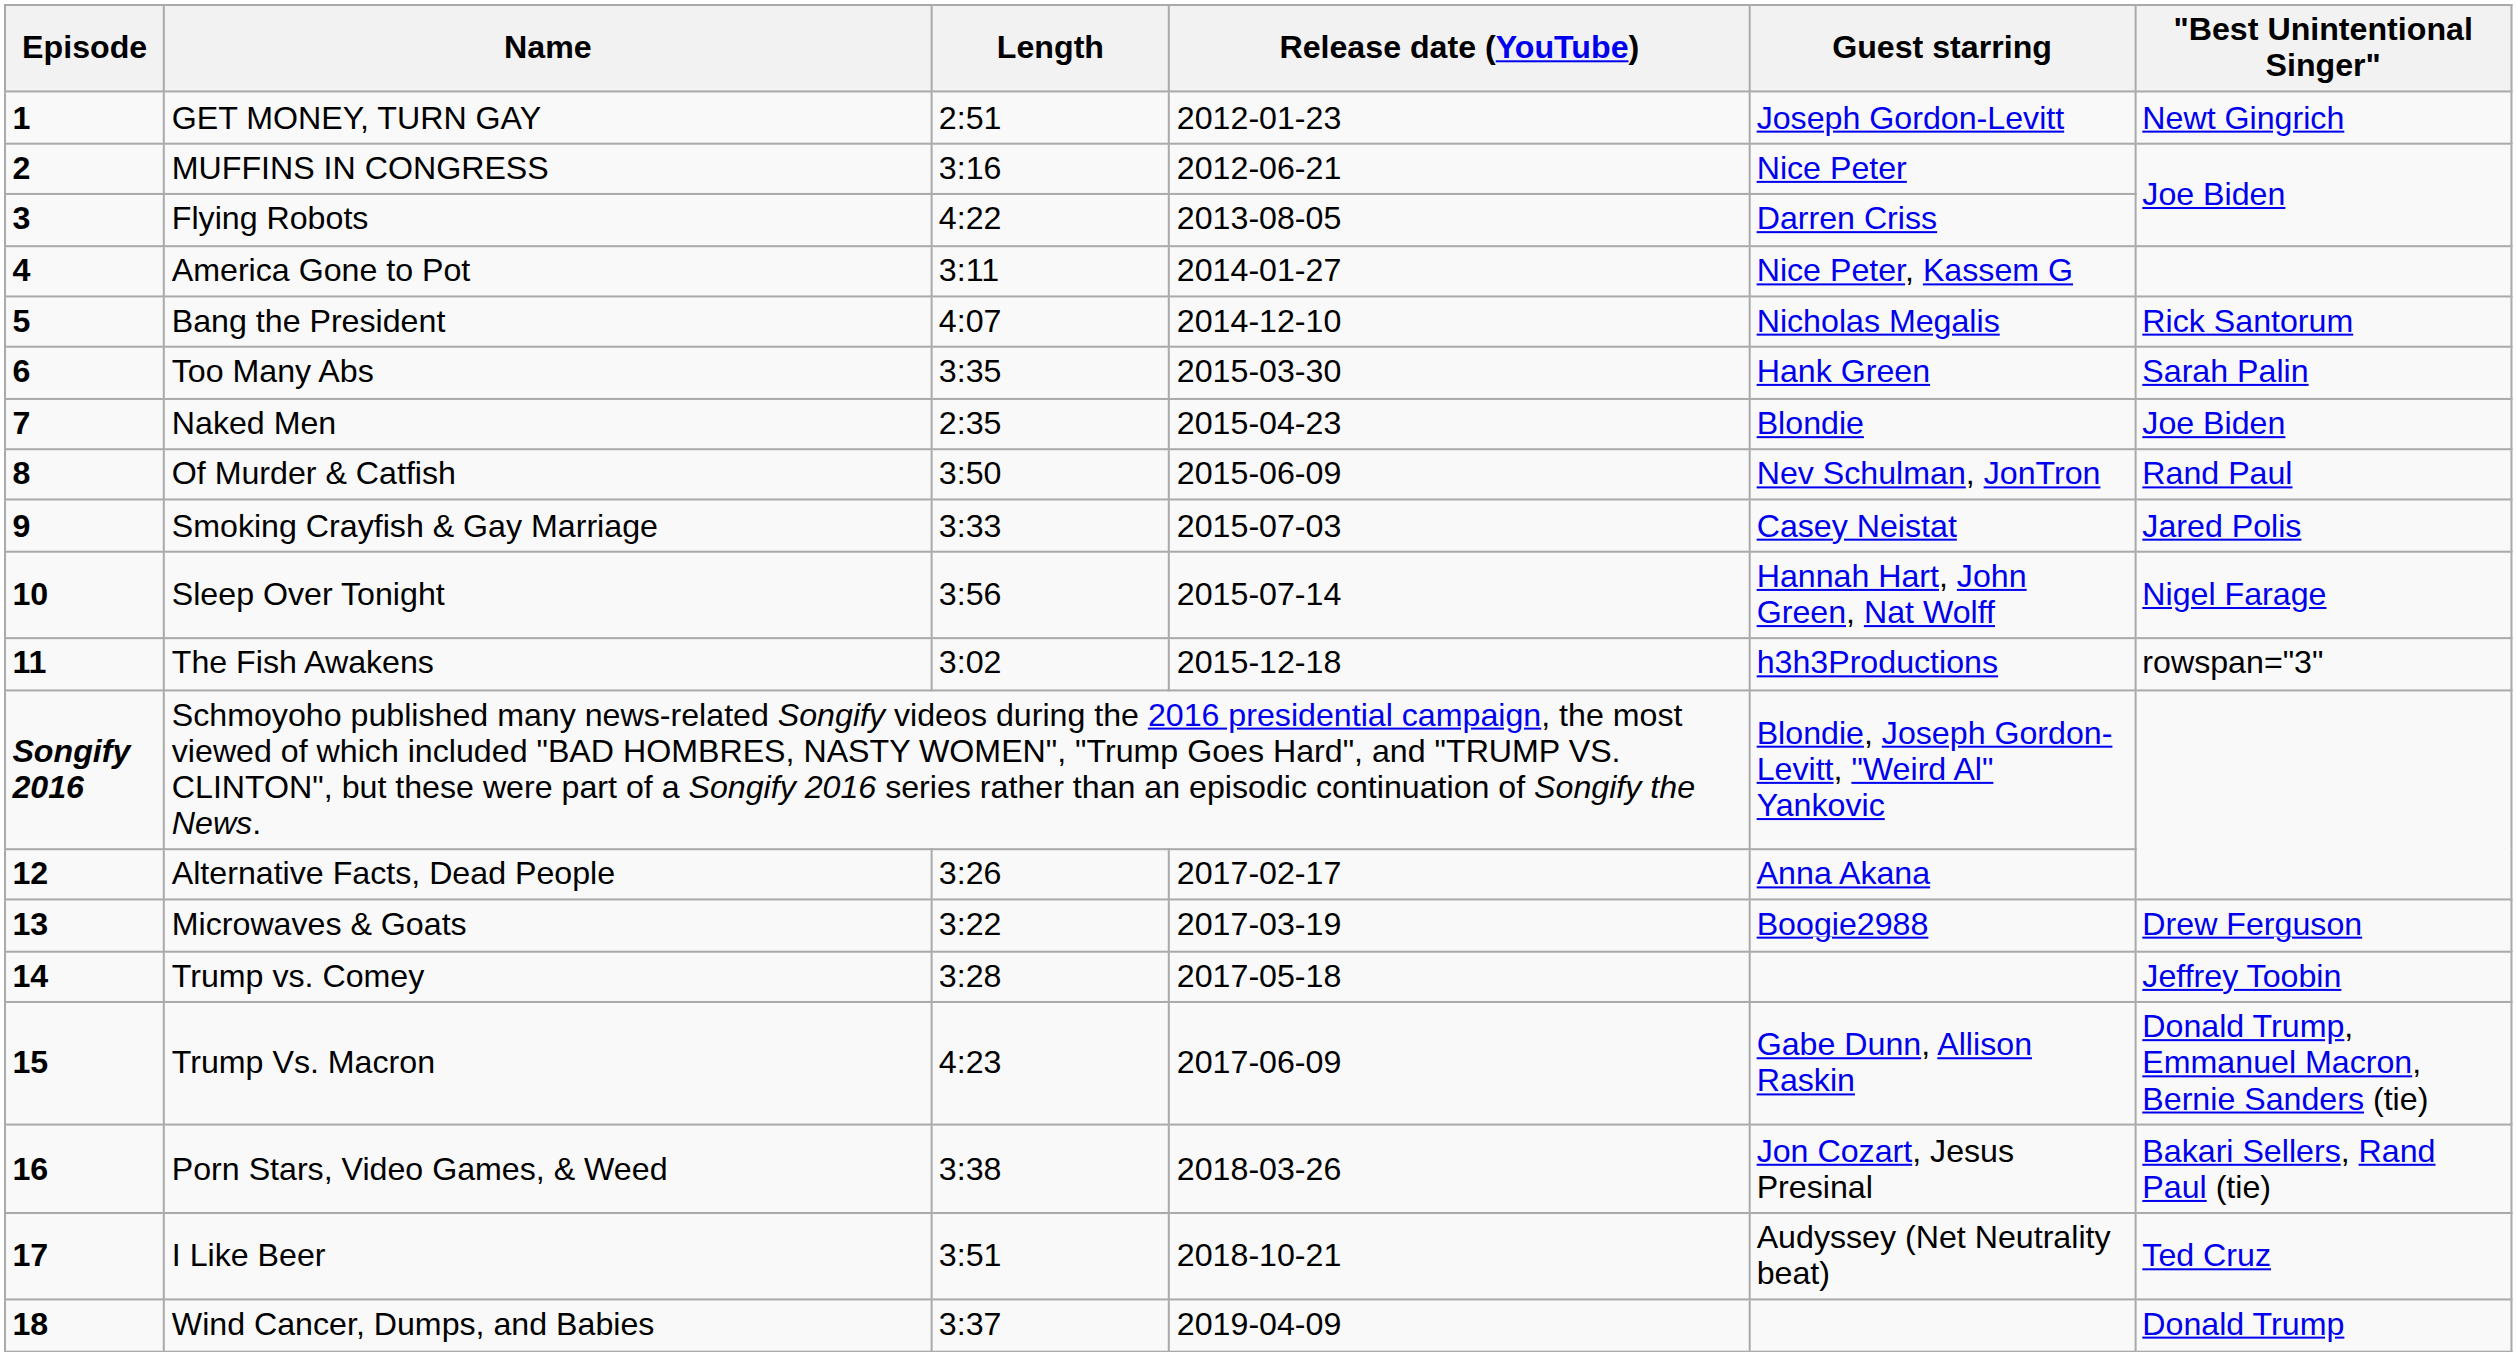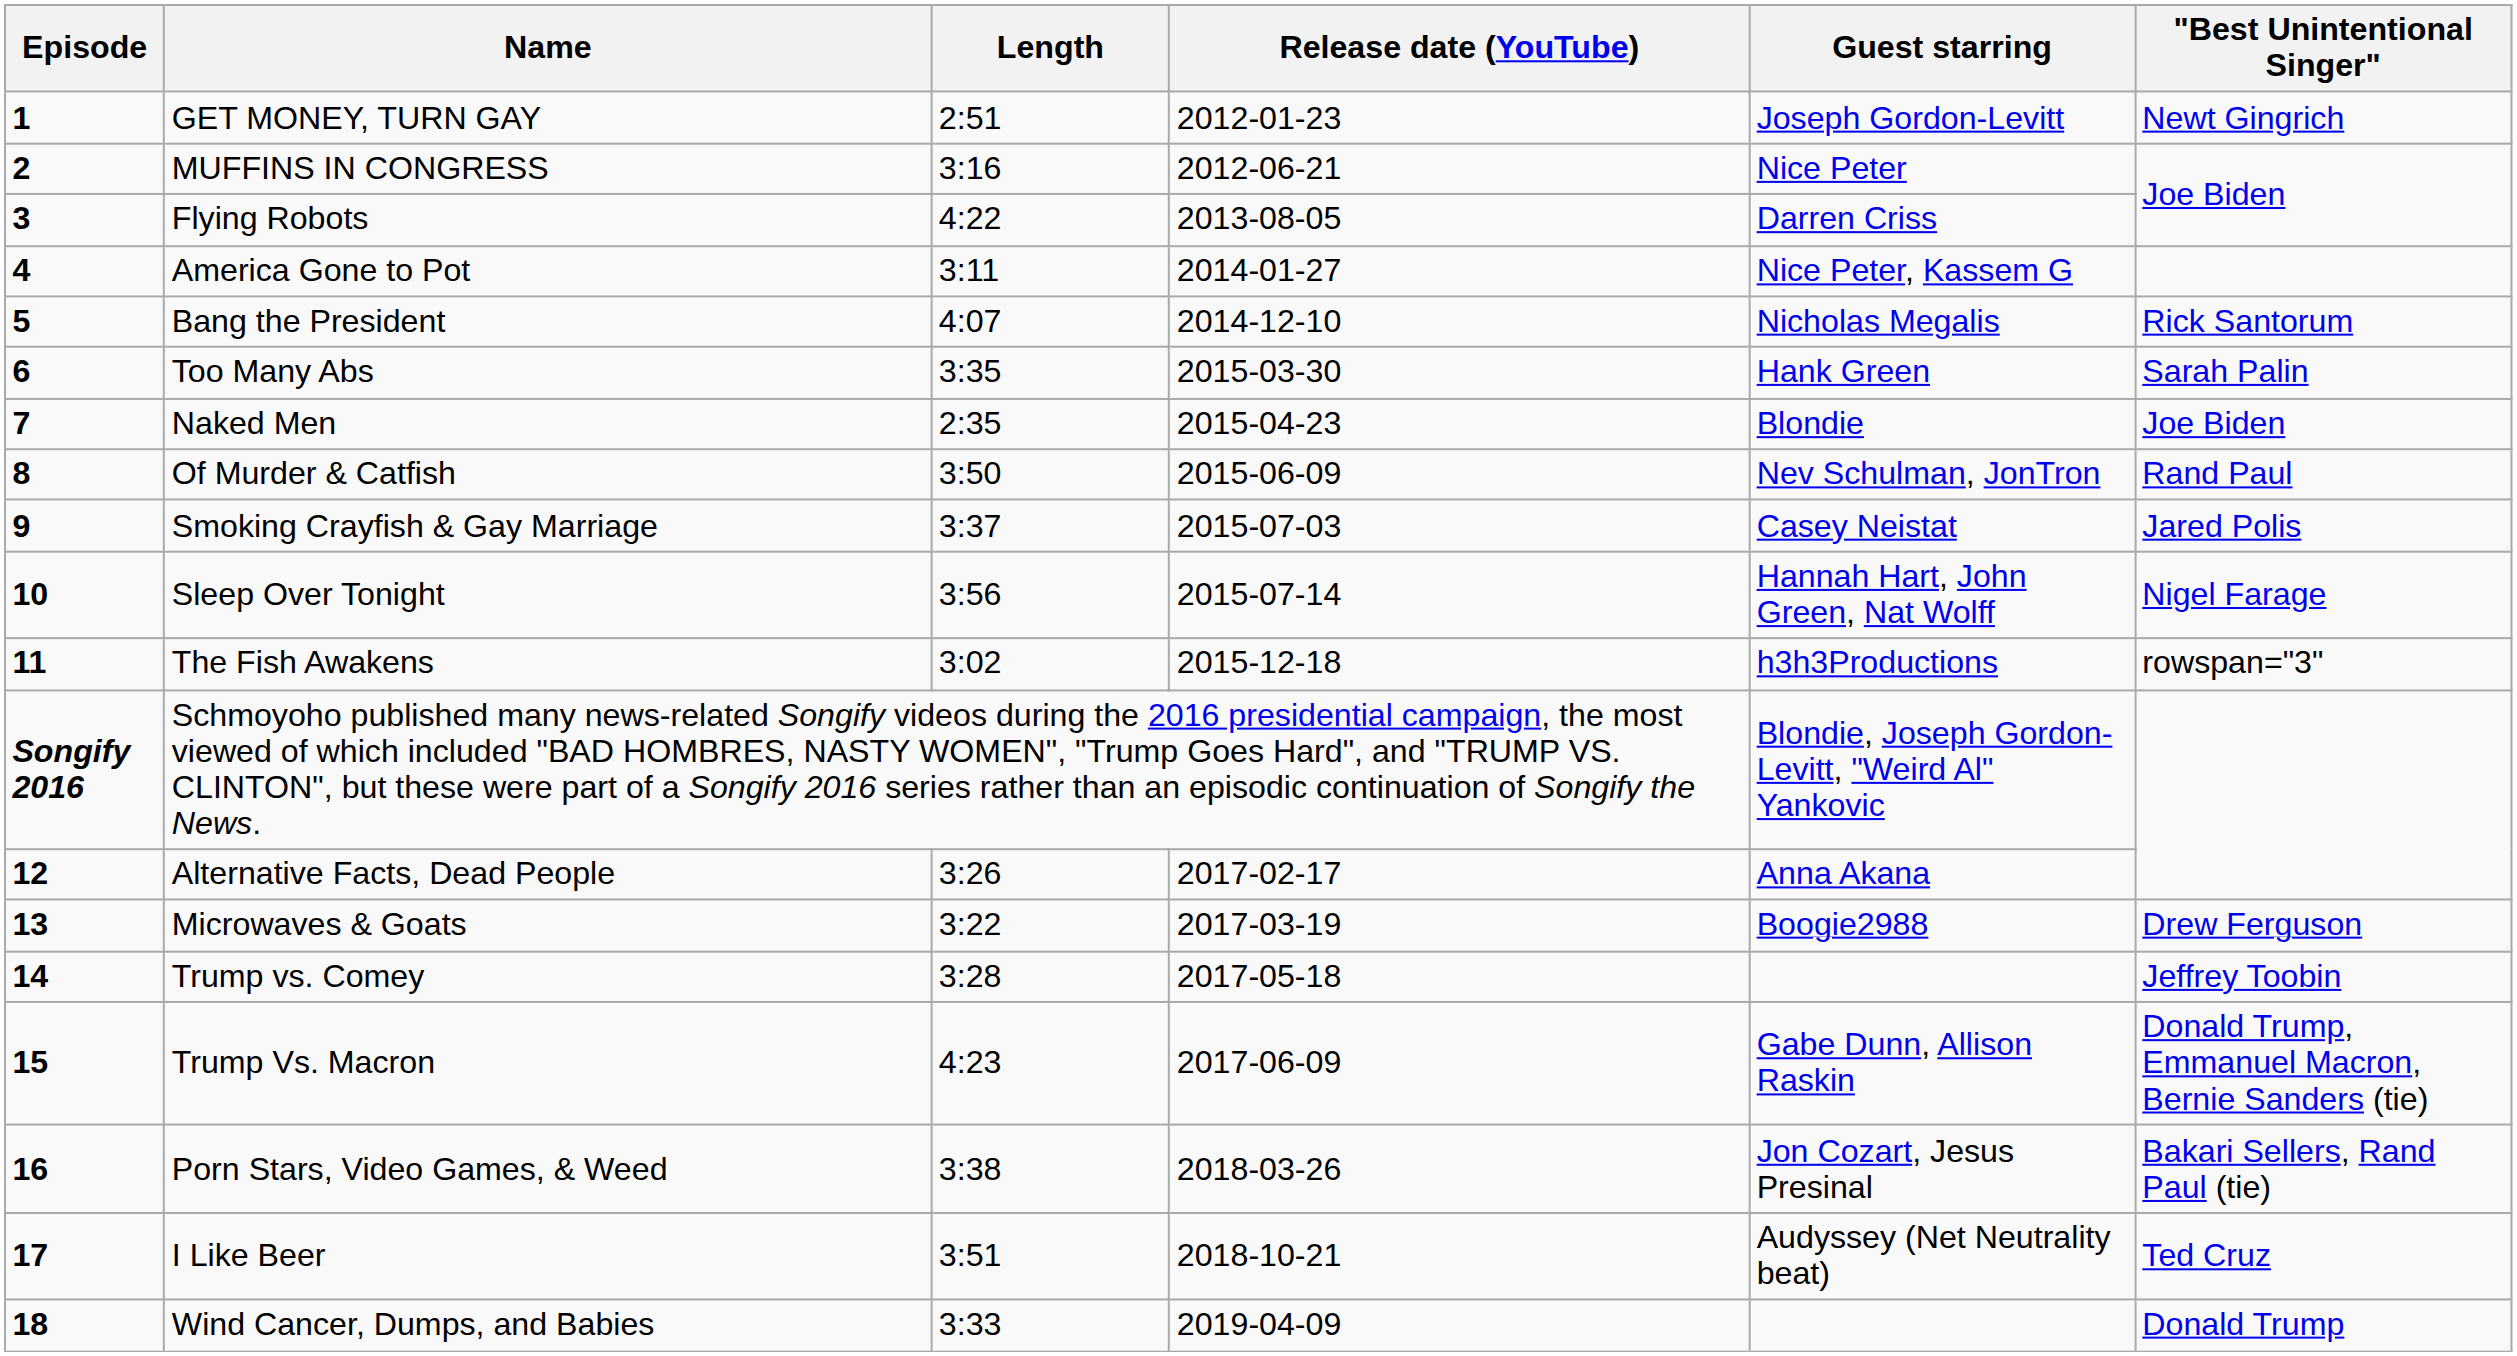 <table class="wikitable sortable">
 <tr>
 <th>Episode</th>
 <th>Name</th>
 <th>Length</th>
 <th>Release date (<a href='#'>YouTube</a>)</th>
 <th>Guest starring</th>
 <th>"Best Unintentional Singer"</th>
 </tr>
 <tr>
 <td><strong>1</strong></td>
 <td>GET MONEY, TURN GAY</td>
 <td>2:51</td>
 <td>2012-01-23</td>
 <td><a href='#'>Joseph Gordon-Levitt</a></td>
 <td><a href='#'>Newt Gingrich</a></td>
 </tr>
 <tr>
 <td><strong>2</strong></td>
 <td>MUFFINS IN CONGRESS</td>
 <td>3:16</td>
 <td>2012-06-21</td>
 <td><a href='#'>Nice Peter</a></td>
 <td rowspan="2"><a href='#'>Joe Biden</a></td>
 </tr>
 <tr>
 <td><strong>3</strong></td>
 <td>Flying Robots</td>
 <td>4:22</td>
 <td>2013-08-05</td>
 <td><a href='#'>Darren Criss</a></td>
 </tr>
 <tr>
 <td><strong>4</strong></td>
 <td>America Gone to Pot</td>
 <td>3:11</td>
 <td>2014-01-27</td>
 <td><a href='#'>Nice Peter</a>, <a href='#'>Kassem G</a></td>
 <td></td>
 </tr>
 <tr>
 <td><strong>5</strong></td>
 <td>Bang the President</td>
 <td>4:07</td>
 <td>2014-12-10</td>
 <td><a href='#'>Nicholas Megalis</a></td>
 <td><a href='#'>Rick Santorum</a></td>
 </tr>
 <tr>
 <td><strong>6</strong></td>
 <td>Too Many Abs</td>
 <td>3:35</td>
 <td>2015-03-30</td>
 <td><a href='#'>Hank Green</a></td>
 <td><a href='#'>Sarah Palin</a></td>
 </tr>
 <tr>
 <td><strong>7</strong></td>
 <td>Naked Men</td>
 <td>2:35</td>
 <td>2015-04-23</td>
 <td><a href='#'>Blondie</a></td>
 <td><a href='#'>Joe Biden</a></td>
 </tr>
 <tr>
 <td><strong>8</strong></td>
 <td>Of Murder & Catfish</td>
 <td>3:50</td>
 <td>2015-06-09</td>
 <td><a href='#'>Nev Schulman</a>, <a href='#'>JonTron</a></td>
 <td><a href='#'>Rand Paul</a></td>
 </tr>
 <tr>
 <td><strong>9</strong></td>
 <td>Smoking Crayfish & Gay Marriage</td>
-<td>3:33</td>
+<td>3:37</td>
 <td>2015-07-03</td>
 <td><a href='#'>Casey Neistat</a></td>
 <td><a href='#'>Jared Polis</a></td>
 </tr>
 <tr>
 <td><strong>10</strong></td>
 <td>Sleep Over Tonight</td>
 <td>3:56</td>
 <td>2015-07-14</td>
 <td><a href='#'>Hannah Hart</a>, <a href='#'>John Green</a>, <a href='#'>Nat Wolff</a></td>
 <td><a href='#'>Nigel Farage</a></td>
 </tr>
 <tr>
 <td><strong>11</strong></td>
 <td>The Fish Awakens</td>
 <td>3:02</td>
 <td>2015-12-18</td>
 <td><a href='#'>h3h3Productions</a></td>
 <td>rowspan="3" </td>
 </tr>
 <tr>
 <td><strong><em>Songify 2016</em></strong></td>
 <td colspan="3">Schmoyoho published many news-related <em>Songify</em> videos during the <a href='#'>2016 presidential campaign</a>, the most viewed of which included "BAD HOMBRES, NASTY WOMEN", "Trump Goes Hard", and "TRUMP VS. CLINTON", but these were part of a <em>Songify 2016</em> series rather than an episodic continuation of <em>Songify the News</em>.</td>
 <td><a href='#'>Blondie</a>, <a href='#'>Joseph Gordon-Levitt</a>, <a href='#'>"Weird Al" Yankovic</a></td>
 </tr>
 <tr>
 <td><strong>12</strong></td>
 <td>Alternative Facts, Dead People</td>
 <td>3:26</td>
 <td>2017-02-17</td>
 <td><a href='#'>Anna Akana</a></td>
 </tr>
 <tr>
 <td><strong>13</strong></td>
 <td>Microwaves & Goats</td>
 <td>3:22</td>
 <td>2017-03-19</td>
 <td><a href='#'>Boogie2988</a></td>
 <td><a href='#'>Drew Ferguson</a></td>
 </tr>
 <tr>
 <td><strong>14</strong></td>
 <td>Trump vs. Comey</td>
 <td>3:28</td>
 <td>2017-05-18</td>
 <td></td>
 <td><a href='#'>Jeffrey Toobin</a></td>
 </tr>
 <tr>
 <td><strong>15</strong></td>
 <td>Trump Vs. Macron</td>
 <td>4:23</td>
 <td>2017-06-09</td>
 <td><a href='#'>Gabe Dunn</a>, <a href='#'>Allison Raskin</a></td>
 <td><a href='#'>Donald Trump</a>, <a href='#'>Emmanuel Macron</a>, <a href='#'>Bernie Sanders</a> (tie)</td>
 </tr>
 <tr>
 <td><strong>16</strong></td>
 <td>Porn Stars, Video Games, & Weed</td>
 <td>3:38</td>
 <td>2018-03-26</td>
 <td><a href='#'>Jon Cozart</a>, Jesus Presinal</td>
 <td><a href='#'>Bakari Sellers</a>, <a href='#'>Rand Paul</a> (tie)</td>
 </tr>
 <tr>
 <td><strong>17</strong></td>
 <td>I Like Beer</td>
 <td>3:51</td>
 <td>2018-10-21</td>
 <td>Audyssey (Net Neutrality beat)</td>
 <td><a href='#'>Ted Cruz</a></td>
 </tr>
 <tr>
 <td><strong>18</strong></td>
 <td>Wind Cancer, Dumps, and Babies</td>
-<td>3:37</td>
+<td>3:33</td>
 <td>2019-04-09</td>
 <td></td>
 <td><a href='#'>Donald Trump</a></td>
 </tr>
 </table>
